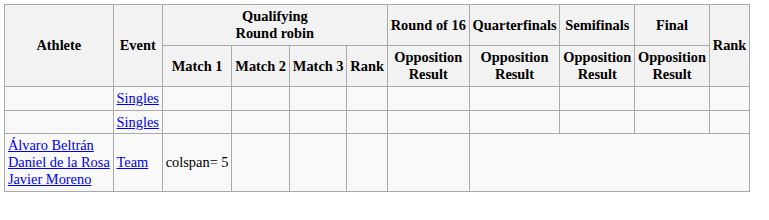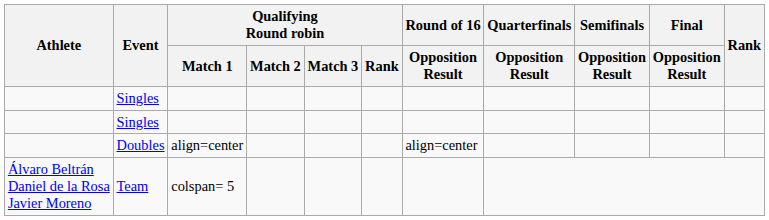 <table class="wikitable" style="font-size:90%">
 <tr>
 <th rowspan="2">Athlete</th>
 <th rowspan="2">Event</th>
 <th colspan="4">Qualifying<br>Round robin</th>
 <th>Round of 16</th>
 <th>Quarterfinals</th>
 <th>Semifinals</th>
 <th>Final</th>
 <th rowspan="2">Rank</th>
 </tr>
 <tr>
 <th>Match 1</th>
 <th>Match 2</th>
 <th>Match 3</th>
 <th>Rank</th>
 <th>Opposition<br>Result</th>
 <th>Opposition<br>Result</th>
 <th>Opposition<br>Result</th>
 <th>Opposition<br>Result</th>
 </tr>
 <tr>
 <td></td>
 <td><a href='#'>Singles</a></td>
 <td align=center></td>
 <td align=center></td>
 <td align=center></td>
 <td align=center></td>
 <td align=center></td>
 <td align=center></td>
 <td align=center></td>
 <td align=center></td>
 <td align=center></td>
 </tr>
 <tr>
 <td></td>
 <td><a href='#'>Singles</a></td>
 <td align=center></td>
 <td align=center></td>
 <td align=center></td>
 <td align=center></td>
 <td align=center></td>
 <td align=center></td>
 <td align=center></td>
 <td align=center></td>
 <td align=center></td>
 </tr>
 <tr>
+<td></td>
+<td><a href='#'>Doubles</a></td>
+<td>align=center </td>
+<td align=center></td>
+<td align=center></td>
+<td align=center></td>
+<td>align=center </td>
+<td align=center></td>
+<td align=center></td>
+<td align=center></td>
+<td align=center></td>
+</tr>
+<tr>
 <td><a href='#'>Álvaro Beltrán</a><br><a href='#'>Daniel de la Rosa</a><br><a href='#'>Javier Moreno</a></td>
 <td><a href='#'>Team</a></td>
 <td>colspan= 5 </td>
 <td align=center></td>
 <td align=center></td>
 <td align=center></td>
 <td align=center></td>
 </tr>
 </table>
